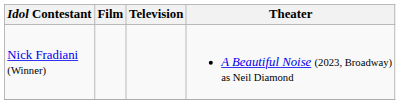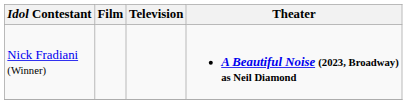 <table class="wikitable">
 <tr>
 <th><em>Idol</em> Contestant</th>
 <th>Film</th>
 <th>Television</th>
 <th>Theater</th>
 </tr>
 <tr>
 <td><a href='#'>Nick Fradiani</a><br><small>(Winner)</small></td>
 <td></td>
 <td></td>
-<td><br><ul><li><em><a href='#'>A Beautiful Noise</a></em> <small>(2023, Broadway)<br>as Neil Diamond</small></li></ul></td>
+<td><strong><br><ul><li><em><a href='#'>A Beautiful Noise</a></em> <small>(2023, Broadway)<br>as Neil Diamond</small></li></ul></strong></td>
 </tr>
 <tr>
 </tr>
 </table>
